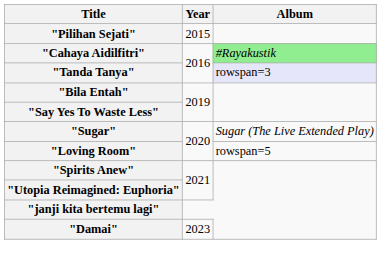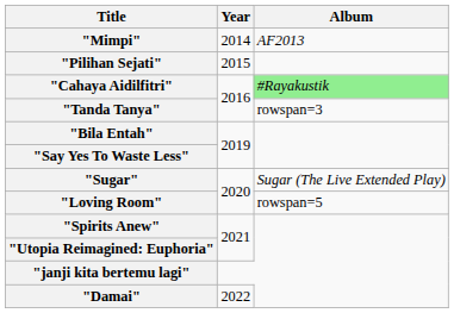 <table class="wikitable plainrowheaders">
 <tr>
 <th>Title</th>
 <th>Year</th>
 <th>Album</th>
+</tr>
+<tr>
+<th scope="row">"Mimpi"</th>
+<td>2014</td>
+<td><em>AF2013</em></td>
 </tr>
 <tr>
 <th scope="row">"Pilihan Sejati"</th>
 <td>2015</td>
 <td></td>
 </tr>
 <tr>
 <th scope="row">"Cahaya Aidilfitri"</th>
 <td rowspan=2>2016</td>
 <td style="background: lightgreen;"><em>#Rayakustik</em></td>
 </tr>
 <tr>
 <th scope="row">"Tanda Tanya"</th>
-<td style="background: lavender;">rowspan=3</td>
+<td>rowspan=3</td>
 </tr>
 <tr>
 <th scope="row">"Bila Entah"</th>
 <td rowspan=2>2019</td>
 </tr>
 <tr>
 <th scope="row">"Say Yes To Waste Less"</th>
 </tr>
 <tr>
 <th scope="row">"Sugar"</th>
 <td rowspan=2>2020</td>
 <td><em>Sugar (The Live Extended Play)</em></td>
 </tr>
 <tr>
 <th scope="row">"Loving Room"</th>
 <td>rowspan=5</td>
 </tr>
 <tr>
 <th scope="row">"Spirits Anew"</th>
 <td rowspan=2>2021</td>
 </tr>
 <tr>
 <th scope="row">"Utopia Reimagined: Euphoria"</th>
 </tr>
 <tr>
 <th scope="row">"janji kita bertemu lagi"</th>
 </tr>
 <tr>
 <th scope="row">"Damai"</th>
-<td>2023</td>
+<td>2022</td>
 </tr>
 </table>
